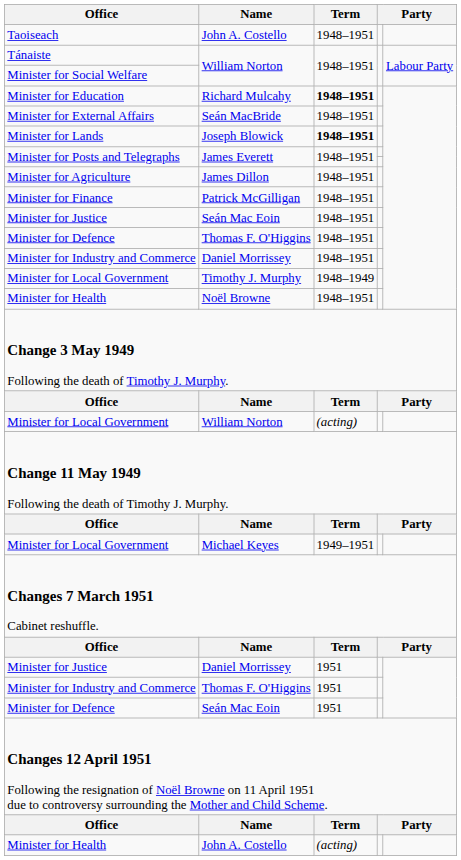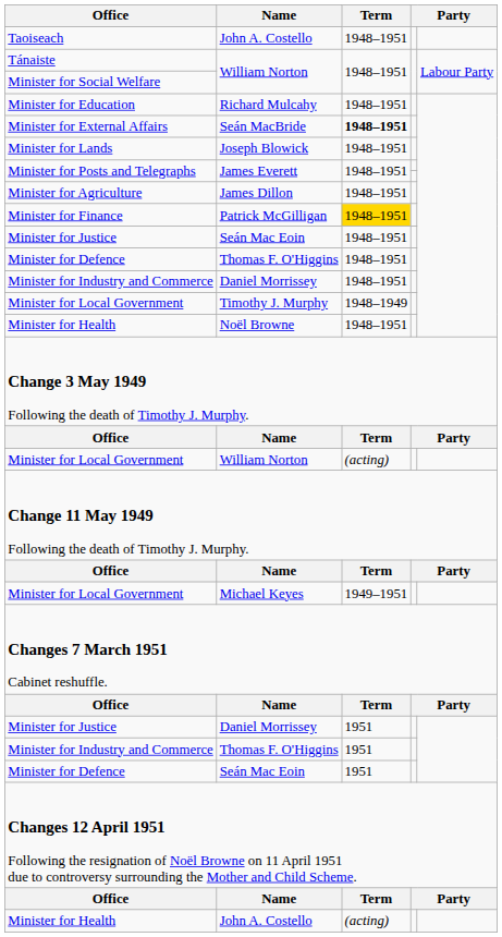 <table class="wikitable">
 <tr>
 <th>Office</th>
 <th>Name</th>
 <th>Term</th>
 <th colspan="2">Party</th>
 </tr>
 <tr>
 <td><a href='#'>Taoiseach</a></td>
 <td><a href='#'>John A. Costello</a></td>
 <td>1948–1951</td>
 <td></td>
 </tr>
 <tr>
 <td><a href='#'>Tánaiste</a></td>
 <td rowspan=2><a href='#'>William Norton</a></td>
 <td rowspan=2>1948–1951</td>
 <td rowspan=2 style="background-color: "></td>
 <td rowspan=2><a href='#'>Labour Party</a></td>
 </tr>
 <tr>
 <td><a href='#'>Minister for Social Welfare</a></td>
 </tr>
 <tr>
 <td><a href='#'>Minister for Education</a></td>
 <td><a href='#'>Richard Mulcahy</a></td>
-<td><strong>1948–1951</strong></td>
+<td>1948–1951</td>
 <td></td>
 </tr>
 <tr>
 <td><a href='#'>Minister for External Affairs</a></td>
 <td><a href='#'>Seán MacBride</a></td>
-<td>1948–1951</td>
+<td><strong>1948–1951</strong></td>
 <td></td>
 </tr>
 <tr>
 <td><a href='#'>Minister for Lands</a></td>
 <td><a href='#'>Joseph Blowick</a></td>
-<td><strong>1948–1951</strong></td>
+<td>1948–1951</td>
 <td></td>
 </tr>
 <tr>
 <td rowspan=2><a href='#'>Minister for Posts and Telegraphs</a></td>
 <td rowspan=2><a href='#'>James Everett</a></td>
 <td rowspan=2>1948–1951</td>
 <td></td>
 </tr>
 <tr>
 <td></td>
 </tr>
 <tr>
 <td><a href='#'>Minister for Agriculture</a></td>
 <td><a href='#'>James Dillon</a></td>
 <td>1948–1951</td>
 <td></td>
 </tr>
 <tr>
 <td><a href='#'>Minister for Finance</a></td>
 <td><a href='#'>Patrick McGilligan</a></td>
-<td>1948–1951</td>
+<td style="background: gold;">1948–1951</td>
 <td></td>
 </tr>
 <tr>
 <td><a href='#'>Minister for Justice</a></td>
 <td><a href='#'>Seán Mac Eoin</a></td>
 <td>1948–1951</td>
 <td></td>
 </tr>
 <tr>
 <td><a href='#'>Minister for Defence</a></td>
 <td><a href='#'>Thomas F. O'Higgins</a></td>
 <td>1948–1951</td>
 <td></td>
 </tr>
 <tr>
 <td><a href='#'>Minister for Industry and Commerce</a></td>
 <td><a href='#'>Daniel Morrissey</a></td>
 <td>1948–1951</td>
 <td></td>
 </tr>
 <tr>
 <td><a href='#'>Minister for Local Government</a></td>
 <td><a href='#'>Timothy J. Murphy</a></td>
 <td>1948–1949</td>
 <td></td>
 </tr>
 <tr>
 <td><a href='#'>Minister for Health</a></td>
 <td><a href='#'>Noël Browne</a></td>
 <td>1948–1951</td>
 <td></td>
 </tr>
 <tr>
 <td colspan=5><br><h3>Change 3 May 1949</h3>Following the death of <a href='#'>Timothy J. Murphy</a>.</td>
 </tr>
 <tr>
 <th>Office</th>
 <th>Name</th>
 <th>Term</th>
 <th colspan="2">Party</th>
 </tr>
 <tr>
 <td><a href='#'>Minister for Local Government</a></td>
 <td><a href='#'>William Norton</a></td>
 <td><em>(acting)</em></td>
 <td></td>
 </tr>
 <tr>
 <td colspan=5><br><h3>Change 11 May 1949</h3>Following the death of Timothy J. Murphy.</td>
 </tr>
 <tr>
 <th>Office</th>
 <th>Name</th>
 <th>Term</th>
 <th colspan="2">Party</th>
 </tr>
 <tr>
 <td><a href='#'>Minister for Local Government</a></td>
 <td><a href='#'>Michael Keyes</a></td>
 <td>1949–1951</td>
 <td></td>
 </tr>
 <tr>
 <td colspan=5><br><h3>Changes 7 March 1951</h3>Cabinet reshuffle.</td>
 </tr>
 <tr>
 <th>Office</th>
 <th>Name</th>
 <th>Term</th>
 <th colspan="2">Party</th>
 </tr>
 <tr>
 <td><a href='#'>Minister for Justice</a></td>
 <td><a href='#'>Daniel Morrissey</a></td>
 <td>1951</td>
 <td></td>
 </tr>
 <tr>
 <td><a href='#'>Minister for Industry and Commerce</a></td>
 <td><a href='#'>Thomas F. O'Higgins</a></td>
 <td>1951</td>
 <td></td>
 </tr>
 <tr>
 <td><a href='#'>Minister for Defence</a></td>
 <td><a href='#'>Seán Mac Eoin</a></td>
 <td>1951</td>
 <td></td>
 </tr>
 <tr>
 <td colspan=5><br><h3>Changes 12 April 1951</h3>Following the resignation of <a href='#'>Noël Browne</a> on 11 April 1951<br>due to controversy surrounding the <a href='#'>Mother and Child Scheme</a>.</td>
 </tr>
 <tr>
 <th>Office</th>
 <th>Name</th>
 <th>Term</th>
 <th colspan="2">Party</th>
 </tr>
 <tr>
 <td><a href='#'>Minister for Health</a></td>
 <td><a href='#'>John A. Costello</a></td>
 <td><em>(acting)</em></td>
 <td></td>
 </tr>
 </table>
